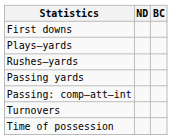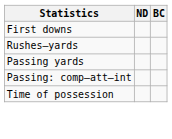 <table class="wikitable" style="float:left">
 <tr>
 <th>Statistics</th>
 <th>ND</th>
 <th>BC</th>
 </tr>
 <tr>
 <td>First downs</td>
-<td></td>
-<td></td>
-</tr>
-<tr>
-<td>Plays–yards</td>
 <td></td>
 <td></td>
 </tr>
 <tr>
 <td>Rushes–yards</td>
 <td></td>
 <td></td>
 </tr>
 <tr>
 <td>Passing yards</td>
 <td></td>
 <td></td>
 </tr>
 <tr>
 <td>Passing: comp–att–int</td>
 <td></td>
 <td></td>
 </tr>
 <tr>
-<td>Turnovers</td>
-<td></td>
-<td></td>
-</tr>
-<tr>
 <td>Time of possession</td>
 <td></td>
 <td></td>
 </tr>
 </table>
